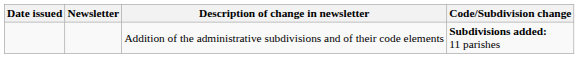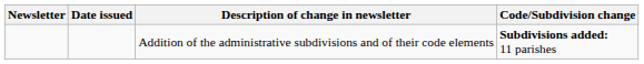 <table class="wikitable">
 <tr>
+<th>Newsletter</th>
 <th>Date issued</th>
-<th>Newsletter</th>
 <th>Description of change in newsletter</th>
 <th>Code/Subdivision change</th>
 </tr>
 <tr>
+<td id="I-8"></td>
 <td></td>
-<td id="I-8"></td>
 <td>Addition of the administrative subdivisions and of their code elements</td>
 <td style=white-space:nowrap><strong>Subdivisions added:</strong><br> 11 parishes</td>
 </tr>
 </table>
